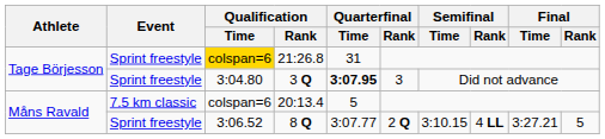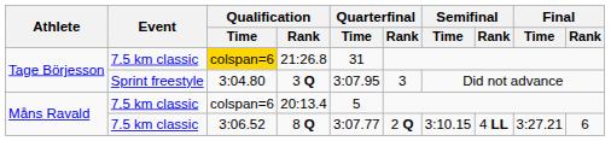 <table class="wikitable" style="font-size:90%">
 <tr>
 <th rowspan="2">Athlete</th>
 <th rowspan="2">Event</th>
 <th colspan="2">Qualification</th>
 <th colspan="2">Quarterfinal</th>
 <th colspan="2">Semifinal</th>
 <th colspan="2">Final</th>
 </tr>
 <tr style="font-size:95%">
 <th>Time</th>
 <th>Rank</th>
 <th>Time</th>
 <th>Rank</th>
 <th>Time</th>
 <th>Rank</th>
 <th>Time</th>
 <th>Rank</th>
 </tr>
 <tr align=center>
 <td align=left rowspan=2><a href='#'>Tage Börjesson</a></td>
-<td align=left><a href='#'>Sprint freestyle</a></td>
+<td align=left><a href='#'>7.5 km classic</a></td>
 <td style="background: gold;">colspan=6 </td>
 <td>21:26.8</td>
 <td>31</td>
 </tr>
 <tr align=center>
 <td align=left><a href='#'>Sprint freestyle</a></td>
 <td>3:04.80</td>
 <td>3 <strong>Q</strong></td>
-<td><strong>3:07.95</strong></td>
+<td>3:07.95</td>
 <td>3</td>
 <td colspan=4>Did not advance</td>
 </tr>
 <tr align=center>
 <td align=left rowspan=2><a href='#'>Måns Ravald</a></td>
 <td align=left><a href='#'>7.5 km classic</a></td>
 <td>colspan=6 </td>
 <td>20:13.4</td>
 <td>5</td>
 </tr>
 <tr align=center>
-<td align=left><a href='#'>Sprint freestyle</a></td>
+<td align=left><a href='#'>7.5 km classic</a></td>
 <td>3:06.52</td>
 <td>8 <strong>Q</strong></td>
 <td>3:07.77</td>
 <td>2 <strong>Q</strong></td>
 <td>3:10.15</td>
 <td>4 <strong>LL</strong></td>
 <td>3:27.21</td>
-<td>5</td>
+<td>6</td>
 </tr>
 </table>
